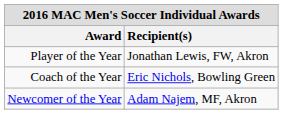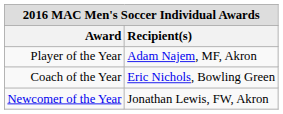 <table class="wikitable" style="white-space:nowrap; font-size:90%;">
 <tr>
 <td colspan="7" style="text-align:center; background:#ddd;"><strong>2016 MAC Men's Soccer Individual Awards</strong></td>
 </tr>
 <tr>
 <th style="text-align:right;">Award</th>
 <th style="text-align:left;">Recipient(s)</th>
 </tr>
 <tr>
 <td style="text-align:right;">Player of the Year</td>
-<td style="text-align:left;">Jonathan Lewis, FW, Akron</td>
+<td style="text-align:left;"><a href='#'>Adam Najem</a>, MF, Akron</td>
 </tr>
 <tr>
 <td style="text-align:right;">Coach of the Year</td>
 <td style="text-align:left;"><a href='#'>Eric Nichols</a>, Bowling Green</td>
 </tr>
 <tr>
 <td style="text-align:right;"><a href='#'>Newcomer of the Year</a></td>
-<td style="text-align:left;"><a href='#'>Adam Najem</a>, MF, Akron</td>
+<td style="text-align:left;">Jonathan Lewis, FW, Akron</td>
 </tr>
 </table>
